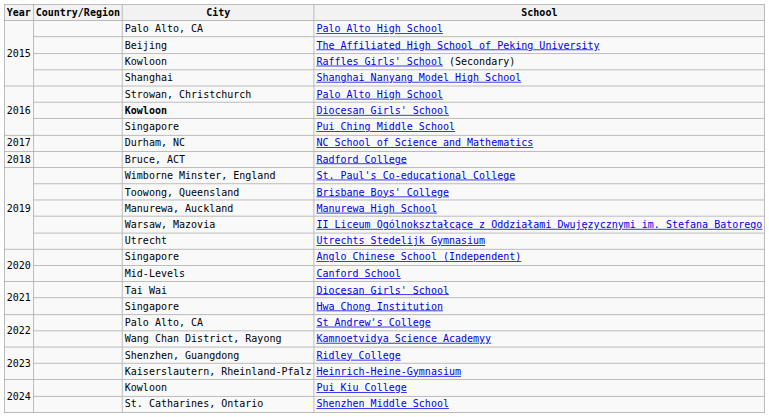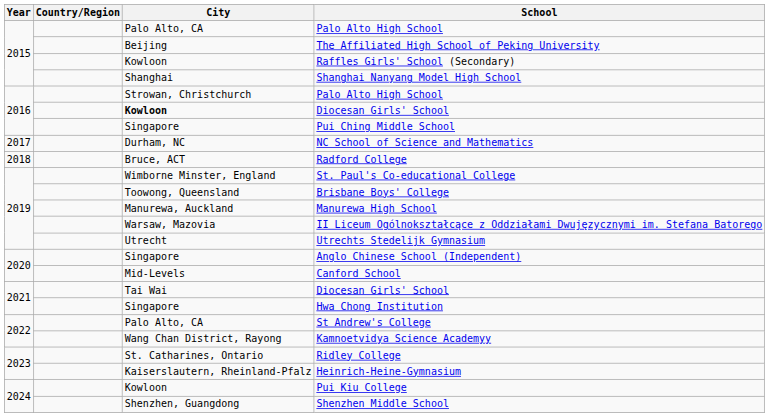 <table class="wikitable">
 <tr>
 <th>Year</th>
 <th>Country/Region</th>
 <th>City</th>
 <th>School</th>
 </tr>
 <tr>
 <td rowspan="4">2015</td>
 <td></td>
 <td>Palo Alto, CA</td>
 <td><a href='#'>Palo Alto High School</a></td>
 </tr>
 <tr>
 <td></td>
 <td>Beijing</td>
 <td><a href='#'>The Affiliated High School of Peking University</a></td>
 </tr>
 <tr>
 <td></td>
 <td>Kowloon</td>
 <td><a href='#'>Raffles Girls' School</a> (Secondary)</td>
 </tr>
 <tr>
 <td></td>
 <td>Shanghai</td>
 <td><a href='#'>Shanghai Nanyang Model High School</a></td>
 </tr>
 <tr>
 <td rowspan="3">2016</td>
 <td></td>
 <td>Strowan, Christchurch</td>
 <td><a href='#'>Palo Alto High School</a></td>
 </tr>
 <tr>
 <td></td>
 <td><strong>Kowloon</strong></td>
 <td><a href='#'>Diocesan Girls' School</a></td>
 </tr>
 <tr>
 <td></td>
 <td>Singapore</td>
 <td><a href='#'>Pui Ching Middle School</a></td>
 </tr>
 <tr>
 <td>2017</td>
 <td></td>
 <td>Durham, NC</td>
 <td><a href='#'>NC School of Science and Mathematics</a></td>
 </tr>
 <tr>
 <td>2018</td>
 <td></td>
 <td>Bruce, ACT</td>
 <td><a href='#'>Radford College</a></td>
 </tr>
 <tr>
 <td rowspan="5">2019</td>
 <td></td>
 <td>Wimborne Minster, England</td>
 <td><a href='#'>St. Paul's Co-educational College</a></td>
 </tr>
 <tr>
 <td></td>
 <td>Toowong, Queensland</td>
 <td><a href='#'>Brisbane Boys' College</a></td>
 </tr>
 <tr>
 <td></td>
 <td>Manurewa, Auckland</td>
 <td><a href='#'>Manurewa High School</a></td>
 </tr>
 <tr>
 <td></td>
 <td>Warsaw, Mazovia</td>
 <td><a href='#'>II Liceum Ogólnokształcące z Oddziałami Dwujęzycznymi im. Stefana Batorego</a></td>
 </tr>
 <tr>
 <td></td>
 <td>Utrecht</td>
 <td><a href='#'>Utrechts Stedelijk Gymnasium</a></td>
 </tr>
 <tr>
 <td rowspan="2">2020</td>
 <td></td>
 <td>Singapore</td>
 <td><a href='#'>Anglo Chinese School (Independent)</a></td>
 </tr>
 <tr>
 <td></td>
 <td>Mid-Levels</td>
 <td><a href='#'>Canford School</a></td>
 </tr>
 <tr>
 <td rowspan="2">2021</td>
 <td></td>
 <td>Tai Wai</td>
 <td><a href='#'>Diocesan Girls' School</a></td>
 </tr>
 <tr>
 <td></td>
 <td>Singapore</td>
 <td><a href='#'>Hwa Chong Institution</a></td>
 </tr>
 <tr>
 <td rowspan="2">2022</td>
 <td></td>
 <td>Palo Alto, CA</td>
 <td><a href='#'>St Andrew's College</a></td>
 </tr>
 <tr>
 <td></td>
 <td>Wang Chan District, Rayong</td>
 <td><a href='#'>Kamnoetvidya Science Academyy</a></td>
 </tr>
 <tr>
 <td rowspan="2">2023</td>
 <td></td>
-<td>Shenzhen, Guangdong</td>
+<td>St. Catharines, Ontario</td>
 <td><a href='#'>Ridley College</a></td>
 </tr>
 <tr>
 <td></td>
 <td>Kaiserslautern, Rheinland-Pfalz</td>
 <td><a href='#'>Heinrich-Heine-Gymnasium</a></td>
 </tr>
 <tr>
 <td rowspan="2">2024</td>
 <td></td>
 <td>Kowloon</td>
 <td><a href='#'>Pui Kiu College</a></td>
 </tr>
 <tr>
 <td></td>
-<td>St. Catharines, Ontario</td>
+<td>Shenzhen, Guangdong</td>
 <td><a href='#'>Shenzhen Middle School</a></td>
 </tr>
 </table>
